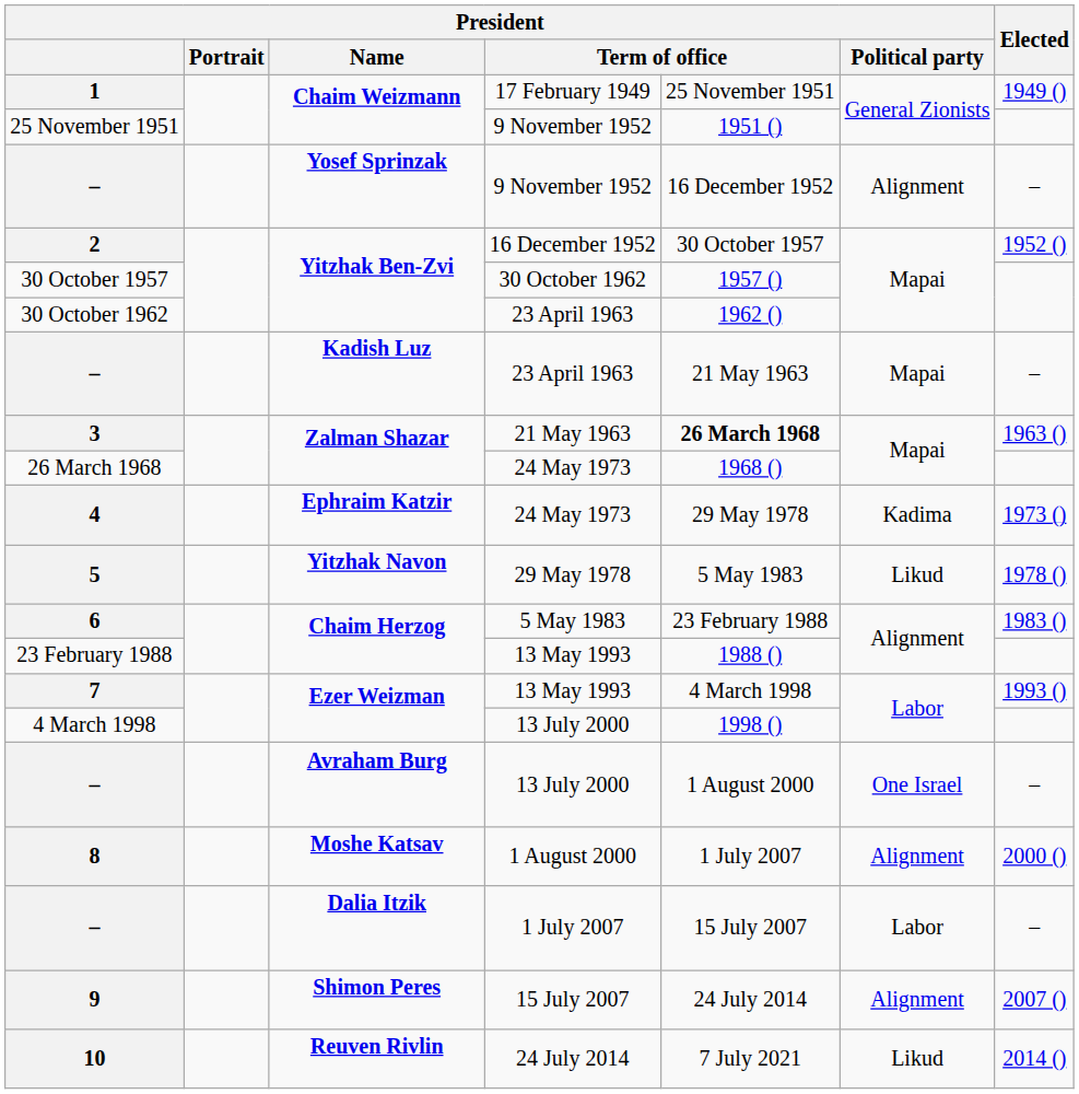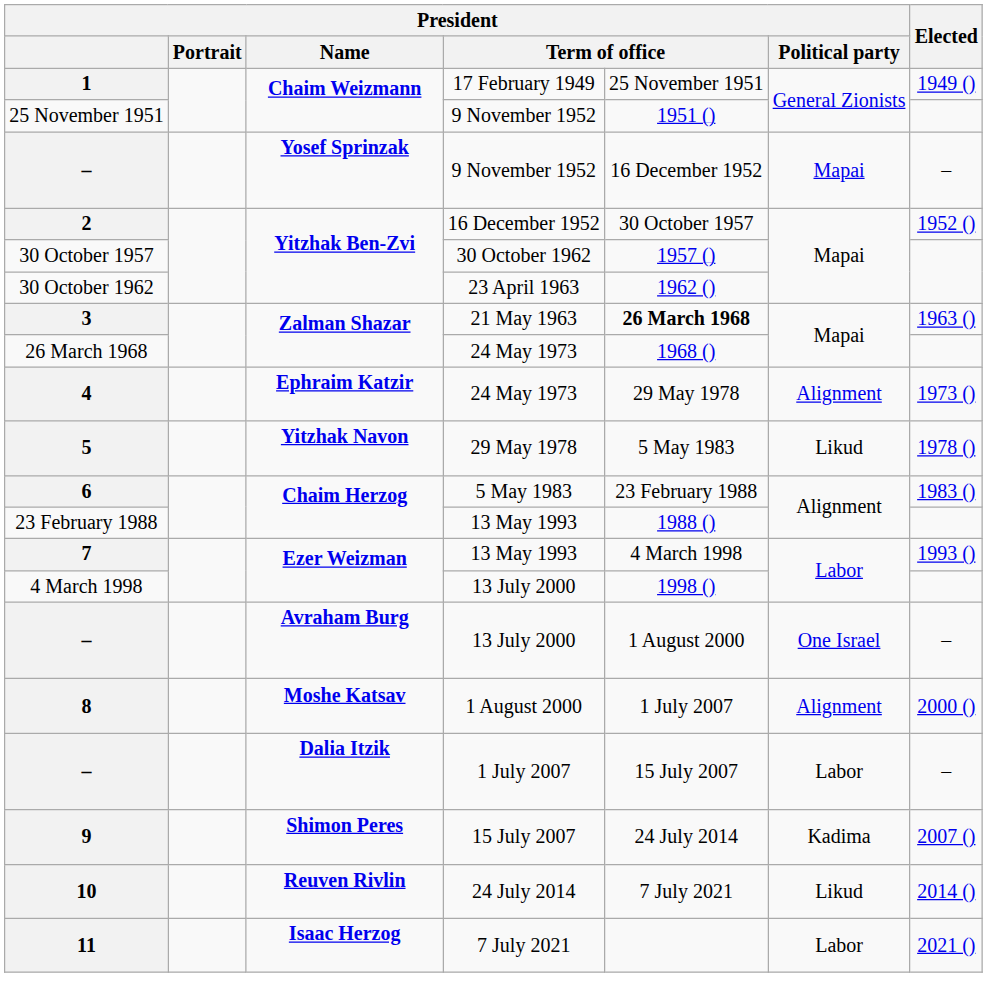 <table class="wikitable" style="text-align:center">
 <tr>
 <th colspan="6">President</th>
 <th rowspan="2">Elected<br></th>
 </tr>
 <tr>
 <th></th>
 <th>Portrait</th>
 <th width=150>Name<br></th>
 <th colspan="2" width=250>Term of office</th>
 <th>Political party<br></th>
 </tr>
 <tr>
 <th style="background-color:">1</th>
 <td rowspan="2"></td>
 <td rowspan="2"><strong><a href='#'>Chaim Weizmann</a></strong><br><br></td>
 <td>17 February 1949</td>
 <td>25 November 1951</td>
 <td rowspan="2"><a href='#'>General Zionists</a></td>
 <td><a href='#'>1949 ()</a></td>
 </tr>
 <tr>
 <td>25 November 1951</td>
 <td>9 November 1952</td>
 <td><a href='#'>1951 ()</a></td>
 </tr>
 <tr>
 <th style="background:">–</th>
 <td></td>
 <td><strong><a href='#'>Yosef Sprinzak</a></strong><br><br><br></td>
 <td>9 November 1952</td>
 <td>16 December 1952</td>
-<td>Alignment<br></td>
+<td><a href='#'>Mapai</a></td>
 <td>–</td>
 </tr>
 <tr>
 <th style="background:">2</th>
 <td rowspan="3"></td>
 <td rowspan="3"><strong><a href='#'>Yitzhak Ben-Zvi</a></strong><br><br></td>
 <td>16 December 1952</td>
 <td>30 October 1957</td>
 <td rowspan="3">Mapai</td>
 <td><a href='#'>1952 ()</a></td>
 </tr>
 <tr>
 <td>30 October 1957</td>
 <td>30 October 1962</td>
 <td><a href='#'>1957 ()</a></td>
 </tr>
 <tr>
 <td>30 October 1962</td>
 <td>23 April 1963</td>
 <td><a href='#'>1962 ()</a></td>
 </tr>
 <tr>
-<th style="background:">–</th>
-<td></td>
-<td><strong><a href='#'>Kadish Luz</a></strong><br><br><br></td>
-<td>23 April 1963</td>
-<td>21 May 1963</td>
-<td>Mapai</td>
-<td>–</td>
-</tr>
-<tr>
 <th style="background:">3</th>
 <td rowspan="2"></td>
 <td rowspan="2"><strong><a href='#'>Zalman Shazar</a></strong><br><br></td>
 <td>21 May 1963</td>
 <td><strong>26 March 1968</strong></td>
 <td rowspan="2">Mapai</td>
 <td><a href='#'>1963 ()</a></td>
 </tr>
 <tr>
 <td>26 March 1968</td>
 <td>24 May 1973</td>
 <td><a href='#'>1968 ()</a></td>
 </tr>
 <tr>
 <th style="background:">4</th>
 <td></td>
 <td><strong><a href='#'>Ephraim Katzir</a></strong><br><br></td>
 <td>24 May 1973</td>
 <td>29 May 1978</td>
-<td>Kadima</td>
+<td><a href='#'>Alignment</a><br></td>
 <td><a href='#'>1973 ()</a></td>
 </tr>
 <tr>
 <th style="background:">5</th>
 <td></td>
 <td><strong><a href='#'>Yitzhak Navon</a></strong><br><br></td>
 <td>29 May 1978</td>
 <td>5 May 1983</td>
 <td>Likud</td>
 <td><a href='#'>1978 ()</a></td>
 </tr>
 <tr>
 <th style="background:">6</th>
 <td rowspan="2"></td>
 <td rowspan="2"><strong><a href='#'>Chaim Herzog</a></strong><br><br></td>
 <td>5 May 1983</td>
 <td>23 February 1988</td>
 <td rowspan="2">Alignment<br></td>
 <td><a href='#'>1983 ()</a></td>
 </tr>
 <tr>
 <td>23 February 1988</td>
 <td>13 May 1993</td>
 <td><a href='#'>1988 ()</a></td>
 </tr>
 <tr>
 <th style="background:">7</th>
 <td rowspan="2"></td>
 <td rowspan="2"><strong><a href='#'>Ezer Weizman</a></strong><br><br></td>
 <td>13 May 1993</td>
 <td>4 March 1998</td>
 <td rowspan="2"><a href='#'>Labor</a></td>
 <td><a href='#'>1993 ()</a></td>
 </tr>
 <tr>
 <td>4 March 1998</td>
 <td>13 July 2000</td>
 <td><a href='#'>1998 ()</a></td>
 </tr>
 <tr>
 <th style="background:">–</th>
 <td></td>
 <td><strong><a href='#'>Avraham Burg</a></strong><br><br><br></td>
 <td>13 July 2000</td>
 <td>1 August 2000</td>
 <td><a href='#'>One Israel</a><br></td>
 <td>–</td>
 </tr>
 <tr>
 <th style="background:">8</th>
 <td></td>
 <td><strong><a href='#'>Moshe Katsav</a></strong><br><br></td>
 <td>1 August 2000</td>
 <td>1 July 2007</td>
 <td><a href='#'>Alignment</a><br></td>
 <td><a href='#'>2000 ()</a></td>
 </tr>
 <tr>
 <th style="background:">–</th>
 <td></td>
 <td><strong><a href='#'>Dalia Itzik</a></strong><br><br><br></td>
 <td>1 July 2007</td>
 <td>15 July 2007</td>
 <td>Labor</td>
 <td>–</td>
 </tr>
 <tr>
 <th style="background:">9</th>
 <td></td>
 <td><strong><a href='#'>Shimon Peres</a></strong><br><br></td>
 <td>15 July 2007</td>
 <td>24 July 2014</td>
-<td><a href='#'>Alignment</a><br></td>
+<td>Kadima</td>
 <td><a href='#'>2007 ()</a></td>
 </tr>
 <tr>
 <th style="background:">10</th>
 <td></td>
 <td><strong><a href='#'>Reuven Rivlin</a></strong><br><br></td>
 <td>24 July 2014</td>
 <td>7 July 2021</td>
 <td>Likud</td>
 <td><a href='#'>2014 ()</a></td>
 </tr>
+<tr>
+<th style="background:">11</th>
+<td></td>
+<td><strong><a href='#'>Isaac Herzog</a></strong><br><br></td>
+<td>7 July 2021</td>
+<td></td>
+<td>Labor</td>
+<td><a href='#'>2021 ()</a></td>
+</tr>
 </table>
